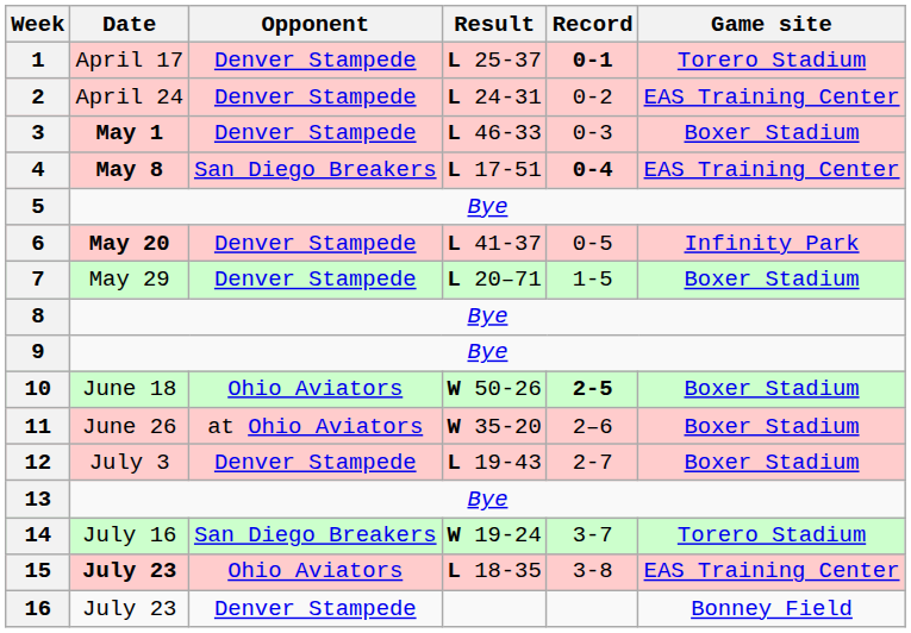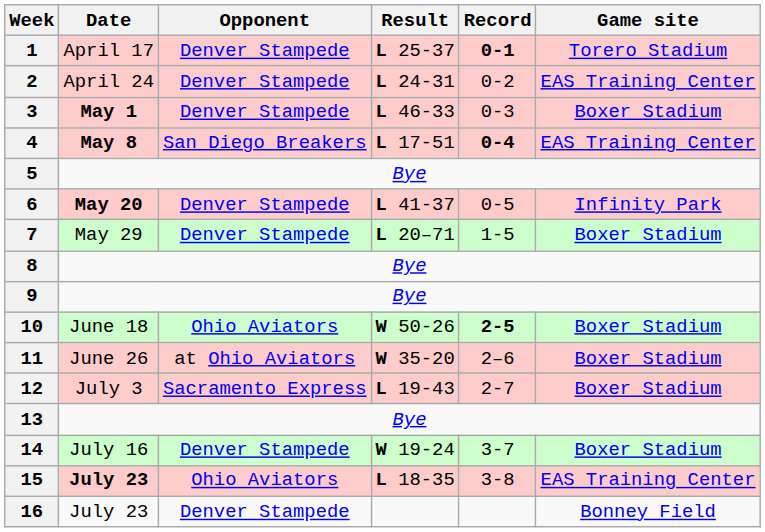 <table class="wikitable" style="text-align:center">
 <tr>
 <th>Week</th>
 <th>Date</th>
 <th>Opponent</th>
 <th>Result</th>
 <th>Record</th>
 <th>Game site</th>
 </tr>
 <tr style="background:#fcc">
 <th>1</th>
 <td>April 17</td>
 <td><a href='#'>Denver Stampede</a></td>
 <td><strong>L</strong> 25-37</td>
 <td><strong>0-1</strong></td>
 <td><a href='#'>Torero Stadium</a></td>
 </tr>
 <tr style="background:#fcc">
 <th>2</th>
 <td>April 24</td>
 <td><a href='#'>Denver Stampede</a></td>
 <td><strong>L</strong> 24-31</td>
 <td>0-2</td>
 <td><a href='#'>EAS Training Center</a></td>
 </tr>
 <tr style="background:#fcc">
 <th>3</th>
 <td><strong>May 1</strong></td>
 <td><a href='#'>Denver Stampede</a></td>
 <td><strong>L</strong> 46-33</td>
 <td>0-3</td>
 <td><a href='#'>Boxer Stadium</a></td>
 </tr>
 <tr style="background:#fcc">
 <th>4</th>
 <td><strong>May 8</strong></td>
 <td><a href='#'>San Diego Breakers</a></td>
 <td><strong>L</strong> 17-51</td>
 <td><strong>0-4</strong></td>
 <td><a href='#'>EAS Training Center</a></td>
 </tr>
 <tr>
 <th>5</th>
 <td colspan=8><em><a href='#'>Bye</a></em></td>
 </tr>
 <tr style="background:#fcc">
 <th>6</th>
 <td><strong>May 20</strong></td>
 <td><a href='#'>Denver Stampede</a></td>
 <td><strong>L</strong> 41-37</td>
 <td>0-5</td>
 <td><a href='#'>Infinity Park</a></td>
 </tr>
 <tr style="background:#cfc">
 <th>7</th>
 <td>May 29</td>
 <td><a href='#'>Denver Stampede</a></td>
 <td><strong>L</strong> 20–71</td>
 <td>1-5</td>
 <td><a href='#'>Boxer Stadium</a></td>
 </tr>
 <tr>
 <th>8</th>
 <td colspan=8><em><a href='#'>Bye</a></em></td>
 </tr>
 <tr>
 <th>9</th>
 <td colspan=8><em><a href='#'>Bye</a></em></td>
 </tr>
 <tr style="background:#cfc">
 <th>10</th>
 <td>June 18</td>
 <td><a href='#'>Ohio Aviators</a></td>
 <td><strong>W</strong> 50-26</td>
 <td><strong>2-5</strong></td>
 <td><a href='#'>Boxer Stadium</a></td>
 </tr>
 <tr style="background:#fcc">
 <th>11</th>
 <td>June 26</td>
 <td>at <a href='#'>Ohio Aviators</a></td>
 <td><strong>W</strong> 35-20</td>
 <td>2–6</td>
 <td><a href='#'>Boxer Stadium</a></td>
 </tr>
 <tr style="background:#fcc">
 <th>12</th>
 <td>July 3</td>
-<td><a href='#'>Denver Stampede</a></td>
+<td><a href='#'>Sacramento Express</a></td>
 <td><strong>L</strong> 19-43</td>
 <td>2-7</td>
 <td><a href='#'>Boxer Stadium</a></td>
 </tr>
 <tr>
 <th>13</th>
 <td colspan=8><em><a href='#'>Bye</a></em></td>
 </tr>
 <tr style="background:#cfc">
 <th>14</th>
 <td>July 16</td>
-<td><a href='#'>San Diego Breakers</a></td>
+<td><a href='#'>Denver Stampede</a></td>
 <td><strong>W</strong> 19-24</td>
 <td>3-7</td>
-<td><a href='#'>Torero Stadium</a></td>
+<td><a href='#'>Boxer Stadium</a></td>
 </tr>
 <tr style="background:#fcc">
 <th>15</th>
 <td><strong>July 23</strong></td>
 <td><a href='#'>Ohio Aviators</a></td>
 <td><strong>L</strong> 18-35</td>
 <td>3-8</td>
 <td><a href='#'>EAS Training Center</a></td>
 </tr>
 <tr style="background:#">
 <th>16</th>
 <td>July 23</td>
 <td><a href='#'>Denver Stampede</a></td>
 <td></td>
 <td></td>
 <td><a href='#'>Bonney Field</a></td>
 </tr>
 </table>
